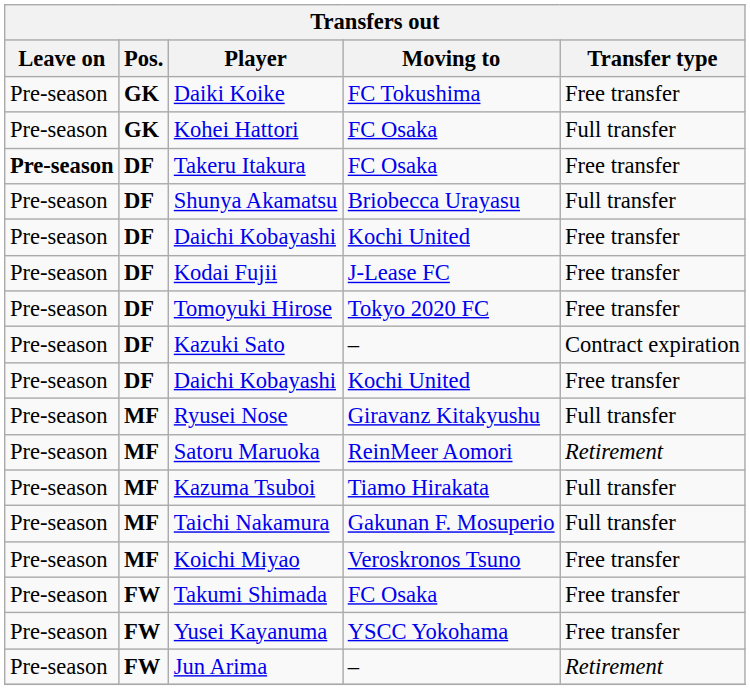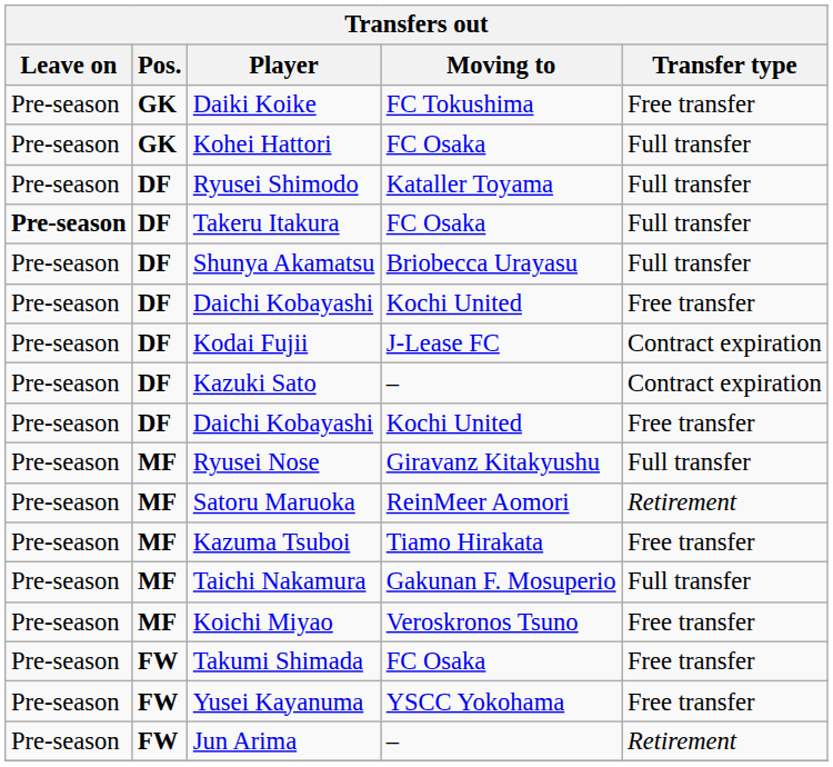 <table class="wikitable sortable" style=“text-align:left;>
 <tr>
 <th colspan="5">Transfers out</th>
 </tr>
 <tr>
 <th>Leave on</th>
 <th>Pos.</th>
 <th>Player</th>
 <th>Moving to</th>
 <th>Transfer type</th>
 </tr>
 <tr>
 <td>Pre-season</td>
 <td><strong>GK</strong></td>
 <td> <a href='#'>Daiki Koike</a></td>
 <td> <a href='#'>FC Tokushima</a></td>
 <td>Free transfer</td>
 </tr>
 <tr>
 <td>Pre-season</td>
 <td><strong>GK</strong></td>
 <td> <a href='#'>Kohei Hattori</a></td>
 <td> <a href='#'>FC Osaka</a></td>
 <td>Full transfer</td>
 </tr>
 <tr>
+<td>Pre-season</td>
+<td><strong>DF</strong></td>
+<td> <a href='#'>Ryusei Shimodo</a></td>
+<td> <a href='#'>Kataller Toyama</a></td>
+<td>Full transfer</td>
+</tr>
+<tr>
 <td><strong>Pre-season</strong></td>
 <td><strong>DF</strong></td>
 <td> <a href='#'>Takeru Itakura</a></td>
 <td> <a href='#'>FC Osaka</a></td>
-<td>Free transfer</td>
+<td>Full transfer</td>
 </tr>
 <tr>
 <td>Pre-season</td>
 <td><strong>DF</strong></td>
 <td> <a href='#'>Shunya Akamatsu</a></td>
 <td> <a href='#'>Briobecca Urayasu</a></td>
 <td>Full transfer</td>
 </tr>
 <tr>
 <td>Pre-season</td>
 <td><strong>DF</strong></td>
 <td> <a href='#'>Daichi Kobayashi</a></td>
 <td> <a href='#'>Kochi United</a></td>
 <td>Free transfer</td>
 </tr>
 <tr>
 <td>Pre-season</td>
 <td><strong>DF</strong></td>
 <td> <a href='#'>Kodai Fujii</a></td>
 <td> <a href='#'>J-Lease FC</a></td>
-<td>Free transfer</td>
-</tr>
-<tr>
-<td>Pre-season</td>
-<td><strong>DF</strong></td>
-<td> <a href='#'>Tomoyuki Hirose</a></td>
-<td> <a href='#'>Tokyo 2020 FC</a></td>
-<td>Free transfer</td>
+<td>Contract expiration</td>
 </tr>
 <tr>
 <td>Pre-season</td>
 <td><strong>DF</strong></td>
 <td> <a href='#'>Kazuki Sato</a></td>
 <td>–</td>
 <td>Contract expiration</td>
 </tr>
 <tr>
 <td>Pre-season</td>
 <td><strong>DF</strong></td>
 <td> <a href='#'>Daichi Kobayashi</a></td>
 <td> <a href='#'>Kochi United</a></td>
 <td>Free transfer</td>
 </tr>
 <tr>
 <td>Pre-season</td>
 <td><strong>MF</strong></td>
 <td> <a href='#'>Ryusei Nose</a></td>
 <td> <a href='#'>Giravanz Kitakyushu</a></td>
 <td>Full transfer</td>
 </tr>
 <tr>
 <td>Pre-season</td>
 <td><strong>MF</strong></td>
 <td> <a href='#'>Satoru Maruoka</a></td>
 <td> <a href='#'>ReinMeer Aomori</a></td>
 <td><em>Retirement</em></td>
 </tr>
 <tr>
 <td>Pre-season</td>
 <td><strong>MF</strong></td>
 <td> <a href='#'>Kazuma Tsuboi</a></td>
 <td> <a href='#'>Tiamo Hirakata</a></td>
-<td>Full transfer</td>
+<td>Free transfer</td>
 </tr>
 <tr>
 <td>Pre-season</td>
 <td><strong>MF</strong></td>
 <td> <a href='#'>Taichi Nakamura</a></td>
 <td> <a href='#'>Gakunan F. Mosuperio</a></td>
 <td>Full transfer</td>
 </tr>
 <tr>
 <td>Pre-season</td>
 <td><strong>MF</strong></td>
 <td> <a href='#'>Koichi Miyao</a></td>
 <td> <a href='#'>Veroskronos Tsuno</a></td>
 <td>Free transfer</td>
 </tr>
 <tr>
 <td>Pre-season</td>
 <td><strong>FW</strong></td>
 <td> <a href='#'>Takumi Shimada</a></td>
 <td> <a href='#'>FC Osaka</a></td>
 <td>Free transfer</td>
 </tr>
 <tr>
 <td>Pre-season</td>
 <td><strong>FW</strong></td>
 <td> <a href='#'>Yusei Kayanuma</a></td>
 <td> <a href='#'>YSCC Yokohama</a></td>
 <td>Free transfer</td>
 </tr>
 <tr>
 <td>Pre-season</td>
 <td><strong>FW</strong></td>
 <td> <a href='#'>Jun Arima</a></td>
 <td>–</td>
 <td><em>Retirement</em></td>
 </tr>
 <tr>
 </tr>
 </table>
